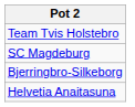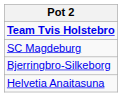 <table class="wikitable" style="float:left; margin-right:0.5em">
 <tr>
 <th>Pot 2</th>
 </tr>
 <tr>
-<td> <a href='#'>Team Tvis Holstebro</a></td>
+<td><strong> <a href='#'>Team Tvis Holstebro</a></strong></td>
 </tr>
 <tr>
 <td> <a href='#'>SC Magdeburg</a></td>
 </tr>
 <tr>
 <td> <a href='#'>Bjerringbro-Silkeborg</a></td>
 </tr>
 <tr>
 <td> <a href='#'>Helvetia Anaitasuna</a></td>
 </tr>
 </table>
